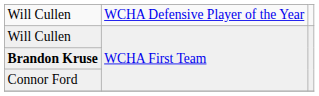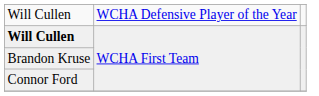 <table class="wikitable">
 <tr>
 <td>Will Cullen</td>
 <td><a href='#'>WCHA Defensive Player of the Year</a></td>
 <td></td>
 </tr>
 <tr bgcolor=f0f0f0>
-<td>Will Cullen</td>
+<td><strong>Will Cullen</strong></td>
 <td rowspan=3><a href='#'>WCHA First Team</a></td>
 <td rowspan=3></td>
 </tr>
 <tr bgcolor=f0f0f0>
-<td><strong>Brandon Kruse</strong></td>
+<td>Brandon Kruse</td>
 </tr>
 <tr bgcolor=f0f0f0>
 <td>Connor Ford</td>
 </tr>
 <tr>
 </tr>
 </table>
